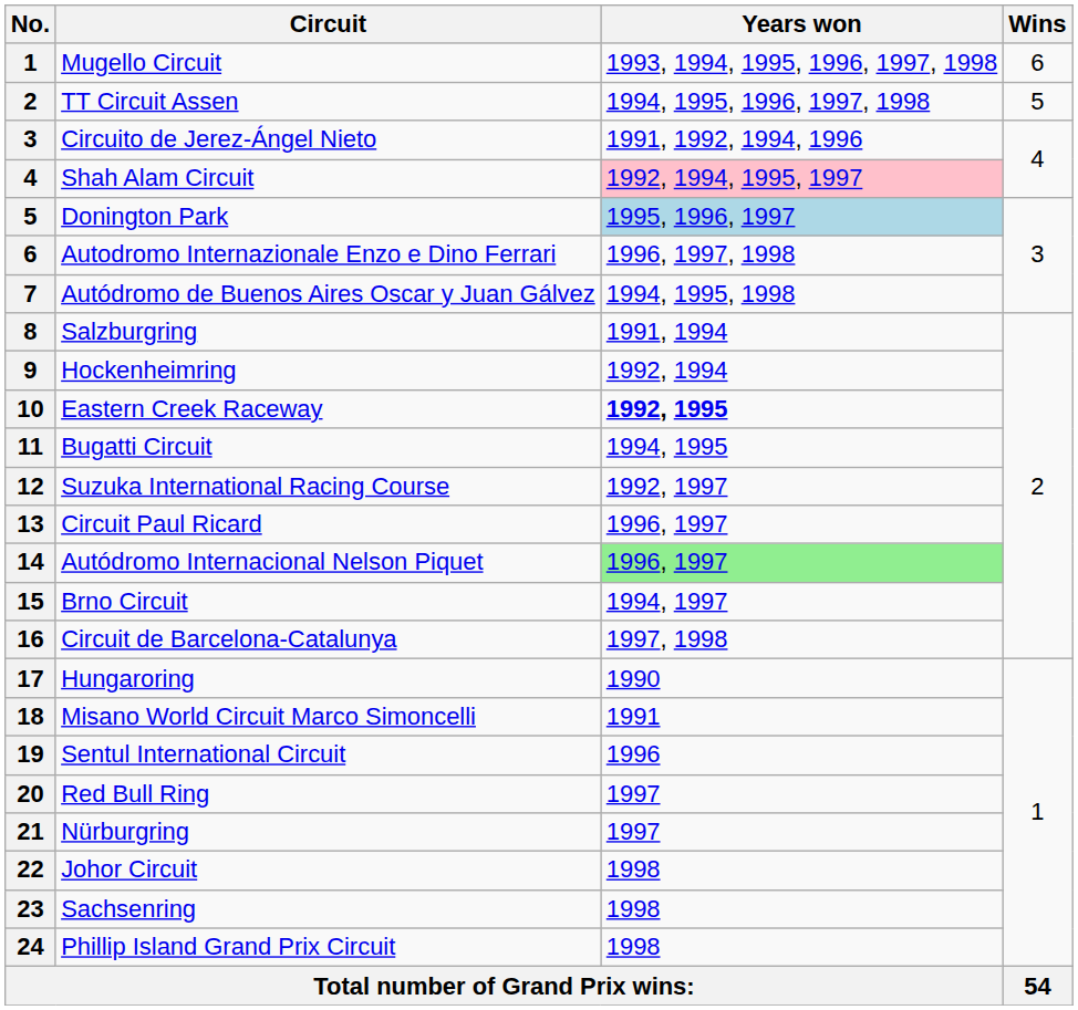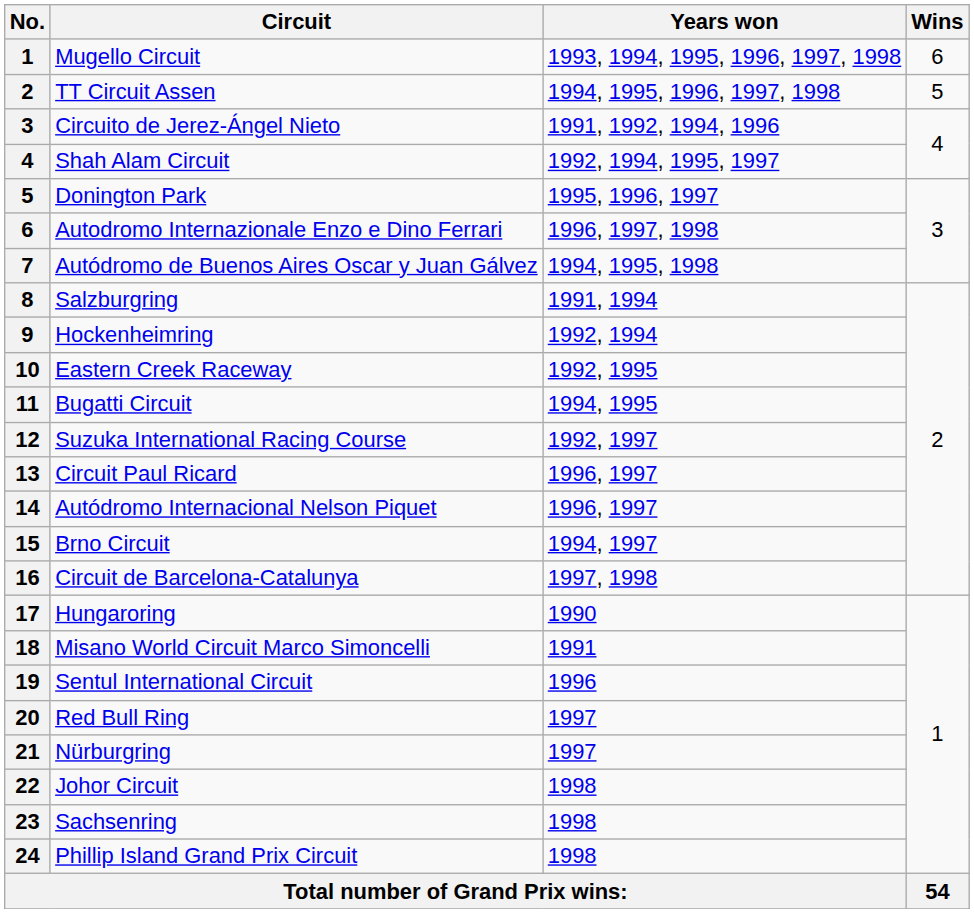 <table class="wikitable">
 <tr>
 <th scope="col">No.</th>
 <th>Circuit</th>
 <th>Years won</th>
 <th>Wins</th>
 </tr>
 <tr>
 <th scope="row">1</th>
 <td><a href='#'>Mugello Circuit</a></td>
 <td><a href='#'>1993</a>, <a href='#'>1994</a>, <a href='#'>1995</a>, <a href='#'>1996</a>, <a href='#'>1997</a>, <a href='#'>1998</a></td>
 <td style="text-align:center;">6</td>
 </tr>
 <tr>
 <th scope="row">2</th>
 <td><a href='#'>TT Circuit Assen</a></td>
 <td><a href='#'>1994</a>, <a href='#'>1995</a>, <a href='#'>1996</a>, <a href='#'>1997</a>, <a href='#'>1998</a></td>
 <td style="text-align:center;">5</td>
 </tr>
 <tr>
 <th scope="row">3</th>
 <td><a href='#'>Circuito de Jerez-Ángel Nieto</a></td>
 <td><a href='#'>1991</a>, <a href='#'>1992</a>, <a href='#'>1994</a>, <a href='#'>1996</a></td>
 <td rowspan="2" style="text-align:center;">4</td>
 </tr>
 <tr>
 <th scope="row">4</th>
 <td><a href='#'>Shah Alam Circuit</a></td>
-<td style="background: pink;"><a href='#'>1992</a>, <a href='#'>1994</a>, <a href='#'>1995</a>, <a href='#'>1997</a></td>
+<td><a href='#'>1992</a>, <a href='#'>1994</a>, <a href='#'>1995</a>, <a href='#'>1997</a></td>
 </tr>
 <tr>
 <th scope="row">5</th>
 <td><a href='#'>Donington Park</a></td>
-<td style="background: lightblue;"><a href='#'>1995</a>, <a href='#'>1996</a>, <a href='#'>1997</a></td>
+<td><a href='#'>1995</a>, <a href='#'>1996</a>, <a href='#'>1997</a></td>
 <td rowspan="3" style="text-align:center;">3</td>
 </tr>
 <tr>
 <th scope="row">6</th>
 <td><a href='#'>Autodromo Internazionale Enzo e Dino Ferrari</a></td>
 <td><a href='#'>1996</a>, <a href='#'>1997</a>, <a href='#'>1998</a></td>
 </tr>
 <tr>
 <th scope="row">7</th>
 <td><a href='#'>Autódromo de Buenos Aires Oscar y Juan Gálvez</a></td>
 <td><a href='#'>1994</a>, <a href='#'>1995</a>, <a href='#'>1998</a></td>
 </tr>
 <tr>
 <th scope="row">8</th>
 <td><a href='#'>Salzburgring</a></td>
 <td><a href='#'>1991</a>, <a href='#'>1994</a></td>
 <td rowspan="9" style="text-align:center;">2</td>
 </tr>
 <tr>
 <th scope="row">9</th>
 <td><a href='#'>Hockenheimring</a></td>
 <td><a href='#'>1992</a>, <a href='#'>1994</a></td>
 </tr>
 <tr>
 <th scope="row">10</th>
 <td><a href='#'>Eastern Creek Raceway</a></td>
-<td><strong><a href='#'>1992</a>, <a href='#'>1995</a></strong></td>
+<td><a href='#'>1992</a>, <a href='#'>1995</a></td>
 </tr>
 <tr>
 <th scope="row">11</th>
 <td><a href='#'>Bugatti Circuit</a></td>
 <td><a href='#'>1994</a>, <a href='#'>1995</a></td>
 </tr>
 <tr>
 <th scope="row">12</th>
 <td><a href='#'>Suzuka International Racing Course</a></td>
 <td><a href='#'>1992</a>, <a href='#'>1997</a></td>
 </tr>
 <tr>
 <th scope="row">13</th>
 <td><a href='#'>Circuit Paul Ricard</a></td>
 <td><a href='#'>1996</a>, <a href='#'>1997</a></td>
 </tr>
 <tr>
 <th scope="row">14</th>
 <td><a href='#'>Autódromo Internacional Nelson Piquet</a></td>
-<td style="background: lightgreen;"><a href='#'>1996</a>, <a href='#'>1997</a></td>
+<td><a href='#'>1996</a>, <a href='#'>1997</a></td>
 </tr>
 <tr>
 <th scope="row">15</th>
 <td><a href='#'>Brno Circuit</a></td>
 <td><a href='#'>1994</a>, <a href='#'>1997</a></td>
 </tr>
 <tr>
 <th scope="row">16</th>
 <td><a href='#'>Circuit de Barcelona-Catalunya</a></td>
 <td><a href='#'>1997</a>, <a href='#'>1998</a></td>
 </tr>
 <tr>
 <th scope="row">17</th>
 <td><a href='#'>Hungaroring</a></td>
 <td><a href='#'>1990</a></td>
 <td rowspan="8" style="text-align:center;">1</td>
 </tr>
 <tr>
 <th scope="row">18</th>
 <td><a href='#'>Misano World Circuit Marco Simoncelli</a></td>
 <td><a href='#'>1991</a></td>
 </tr>
 <tr>
 <th scope="row">19</th>
 <td><a href='#'>Sentul International Circuit</a></td>
 <td><a href='#'>1996</a></td>
 </tr>
 <tr>
 <th scope="row">20</th>
 <td><a href='#'>Red Bull Ring</a></td>
 <td><a href='#'>1997</a></td>
 </tr>
 <tr>
 <th scope="row">21</th>
 <td><a href='#'>Nürburgring</a></td>
 <td><a href='#'>1997</a></td>
 </tr>
 <tr>
 <th scope="row">22</th>
 <td><a href='#'>Johor Circuit</a></td>
 <td><a href='#'>1998</a></td>
 </tr>
 <tr>
 <th scope="row">23</th>
 <td><a href='#'>Sachsenring</a></td>
 <td><a href='#'>1998</a></td>
 </tr>
 <tr>
 <th scope="row">24</th>
 <td><a href='#'>Phillip Island Grand Prix Circuit</a></td>
 <td><a href='#'>1998</a></td>
 </tr>
 <tr>
 <th colspan="3">Total number of Grand Prix wins:</th>
 <th scope="row">54</th>
 </tr>
 </table>
